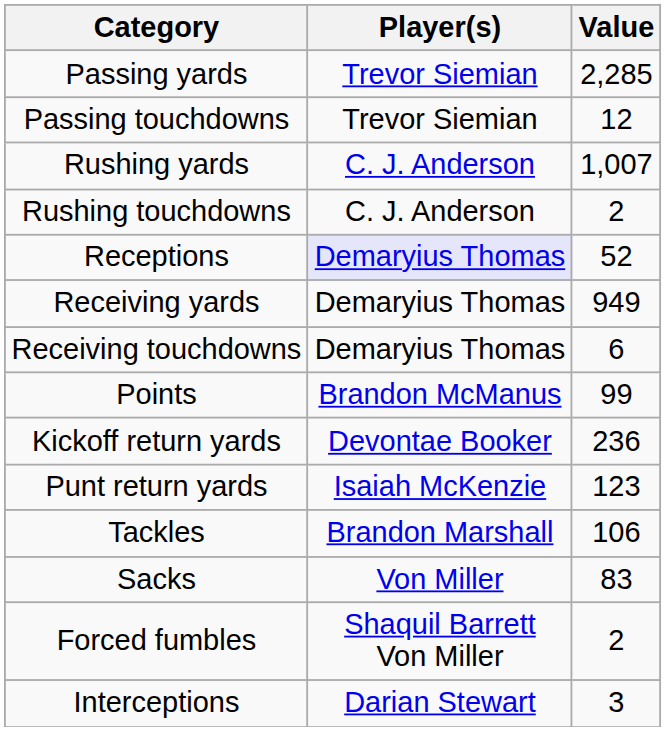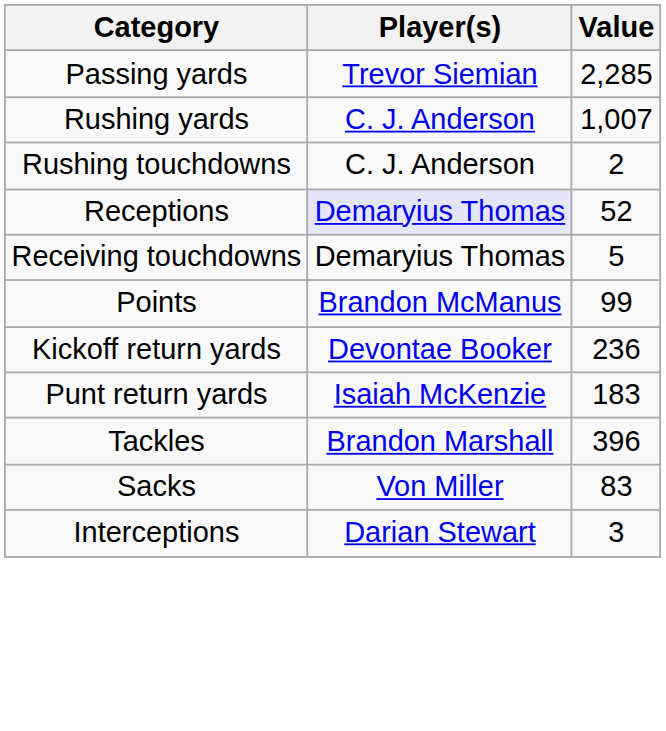 <table class="wikitable" style="text-align:center">
 <tr>
 <th>Category</th>
 <th>Player(s)</th>
 <th>Value</th>
 </tr>
 <tr>
 <td>Passing yards</td>
 <td><a href='#'>Trevor Siemian</a></td>
 <td>2,285</td>
-</tr>
-<tr>
-<td>Passing touchdowns</td>
-<td>Trevor Siemian</td>
-<td>12</td>
 </tr>
 <tr>
 <td>Rushing yards</td>
 <td><a href='#'>C. J. Anderson</a></td>
 <td>1,007</td>
 </tr>
 <tr>
 <td>Rushing touchdowns</td>
 <td>C. J. Anderson</td>
 <td>2</td>
 </tr>
 <tr>
 <td>Receptions</td>
 <td style="background: lavender;"><a href='#'>Demaryius Thomas</a></td>
 <td>52</td>
 </tr>
 <tr>
-<td>Receiving yards</td>
-<td>Demaryius Thomas</td>
-<td>949</td>
-</tr>
-<tr>
 <td>Receiving touchdowns</td>
 <td>Demaryius Thomas</td>
-<td>6</td>
+<td>5</td>
 </tr>
 <tr>
 <td>Points</td>
 <td><a href='#'>Brandon McManus</a></td>
 <td>99</td>
 </tr>
 <tr>
 <td>Kickoff return yards</td>
 <td><a href='#'>Devontae Booker</a></td>
 <td>236</td>
 </tr>
 <tr>
 <td>Punt return yards</td>
 <td><a href='#'>Isaiah McKenzie</a></td>
-<td>123</td>
+<td>183</td>
 </tr>
 <tr>
 <td>Tackles</td>
 <td><a href='#'>Brandon Marshall</a></td>
-<td>106</td>
+<td>396</td>
 </tr>
 <tr>
 <td>Sacks</td>
 <td><a href='#'>Von Miller</a></td>
 <td>83</td>
 </tr>
 <tr>
-<td>Forced fumbles</td>
-<td><a href='#'>Shaquil Barrett</a><br>Von Miller</td>
-<td>2</td>
-</tr>
-<tr>
 <td>Interceptions</td>
 <td><a href='#'>Darian Stewart</a></td>
 <td>3</td>
 </tr>
 </table>
